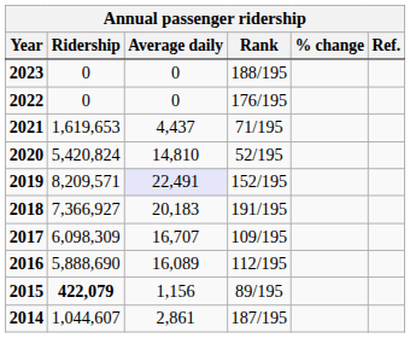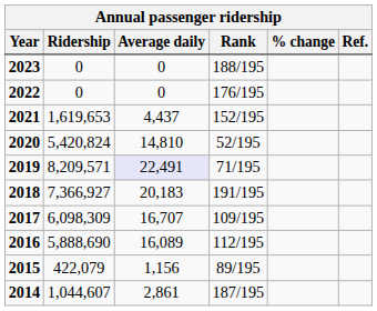 <table class="wikitable sortable" style="text-align:right;">
 <tr>
 <th colspan="6" style="background-color:#">Annual passenger ridership</th>
 </tr>
 <tr style="font-size:95%; text-align:center">
 <th style="border-bottom:1px solid black">Year</th>
 <th style="border-bottom:1px solid black">Ridership</th>
 <th style="border-bottom:1px solid black">Average daily</th>
 <th style="border-bottom:1px solid black">Rank</th>
 <th style="border-bottom:1px solid black">% change</th>
 <th style="border-bottom:1px solid black">Ref.</th>
 </tr>
 <tr style="text-align:center;">
 <td><strong>2023</strong></td>
 <td>0</td>
 <td>0</td>
 <td>188/195</td>
 <td></td>
 <td></td>
 </tr>
 <tr style="text-align:center;">
 <td><strong>2022</strong></td>
 <td>0</td>
 <td>0</td>
 <td>176/195</td>
 <td></td>
 <td></td>
 </tr>
 <tr style="text-align:center;">
 <td><strong>2021</strong></td>
 <td>1,619,653</td>
 <td>4,437</td>
-<td>71/195</td>
+<td>152/195</td>
 <td></td>
 <td></td>
 </tr>
 <tr style="text-align:center;">
 <td><strong>2020</strong></td>
 <td>5,420,824</td>
 <td>14,810</td>
 <td>52/195</td>
 <td></td>
 <td></td>
 </tr>
 <tr style="text-align:center;">
 <td><strong>2019</strong></td>
 <td>8,209,571</td>
 <td style="background: lavender;">22,491</td>
-<td>152/195</td>
+<td>71/195</td>
 <td></td>
 <td></td>
 </tr>
 <tr style="text-align:center;">
 <td><strong>2018</strong></td>
 <td>7,366,927</td>
 <td>20,183</td>
 <td>191/195</td>
 <td></td>
 <td></td>
 </tr>
 <tr style="text-align:center;">
 <td><strong>2017</strong></td>
 <td>6,098,309</td>
 <td>16,707</td>
 <td>109/195</td>
 <td></td>
 <td></td>
 </tr>
 <tr style="text-align:center;">
 <td><strong>2016</strong></td>
 <td>5,888,690</td>
 <td>16,089</td>
 <td>112/195</td>
 <td></td>
 <td></td>
 </tr>
 <tr style="text-align:center;">
 <td><strong>2015</strong></td>
-<td><strong>422,079</strong></td>
+<td>422,079</td>
 <td>1,156</td>
 <td>89/195</td>
 <td></td>
 <td></td>
 </tr>
 <tr style="text-align:center;">
 <td><strong>2014</strong></td>
 <td>1,044,607</td>
 <td>2,861</td>
 <td>187/195</td>
 <td></td>
 <td></td>
 </tr>
 </table>
